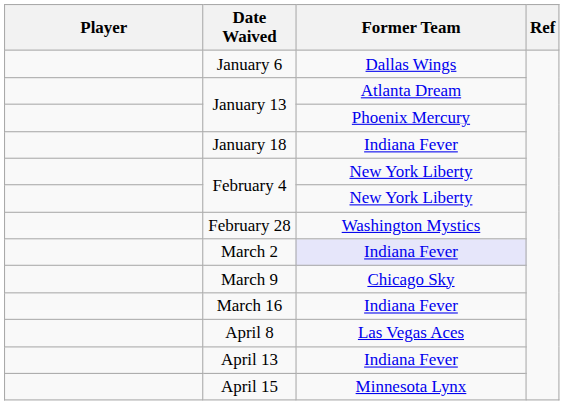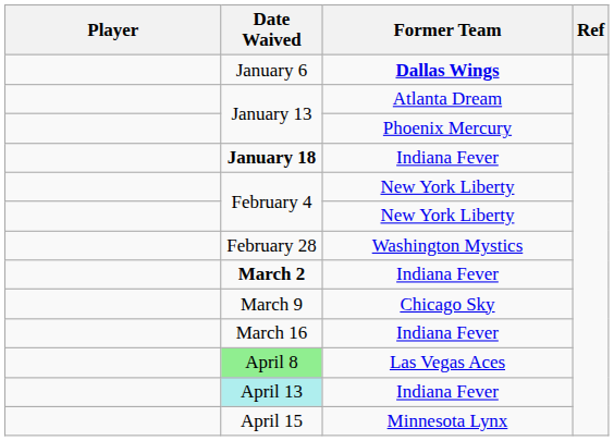 <table class="wikitable sortable" style="text-align:center">
 <tr>
 <th style="width:180px">Player</th>
 <th style="width:80px">Date Waived</th>
 <th style="width:210px">Former Team</th>
 <th class="unsortable">Ref</th>
 </tr>
 <tr>
 <td align=left> </td>
 <td align=center>January 6</td>
-<td align=center><a href='#'>Dallas Wings</a></td>
+<td align=center><strong><a href='#'>Dallas Wings</a></strong></td>
 <td rowspan="13" align=center></td>
 </tr>
 <tr>
 <td align=left> </td>
 <td rowspan="2" align=center>January 13</td>
 <td align=center><a href='#'>Atlanta Dream</a></td>
 </tr>
 <tr>
 <td align=left> </td>
 <td align=center><a href='#'>Phoenix Mercury</a></td>
 </tr>
 <tr>
 <td align=left> </td>
-<td align=center>January 18</td>
+<td align=center><strong>January 18</strong></td>
 <td align=center><a href='#'>Indiana Fever</a></td>
 </tr>
 <tr>
 <td align=left> </td>
 <td rowspan="2" align=center>February 4</td>
 <td align=center><a href='#'>New York Liberty</a></td>
 </tr>
 <tr>
 <td align=left> </td>
 <td align=center><a href='#'>New York Liberty</a></td>
 </tr>
 <tr>
 <td align=left> </td>
 <td align=center>February 28</td>
 <td align=center><a href='#'>Washington Mystics</a></td>
 </tr>
 <tr>
 <td align=left> </td>
-<td align=center>March 2</td>
-<td align=center style="background: lavender;"><a href='#'>Indiana Fever</a></td>
+<td align=center><strong>March 2</strong></td>
+<td align=center><a href='#'>Indiana Fever</a></td>
 </tr>
 <tr>
 <td align=left> </td>
 <td align=center>March 9</td>
 <td align=center><a href='#'>Chicago Sky</a></td>
 </tr>
 <tr>
 <td align=left> </td>
 <td align=center>March 16</td>
 <td align=center><a href='#'>Indiana Fever</a></td>
 </tr>
 <tr>
 <td align=left> </td>
-<td align=center>April 8</td>
+<td align=center style="background: lightgreen;">April 8</td>
 <td align=center><a href='#'>Las Vegas Aces</a></td>
 </tr>
 <tr>
 <td align=left> </td>
-<td align=center>April 13</td>
+<td align=center style="background: paleturquoise;">April 13</td>
 <td align=center><a href='#'>Indiana Fever</a></td>
 </tr>
 <tr>
 <td align=left> </td>
 <td align=center>April 15</td>
 <td align=center><a href='#'>Minnesota Lynx</a></td>
 </tr>
 </table>
